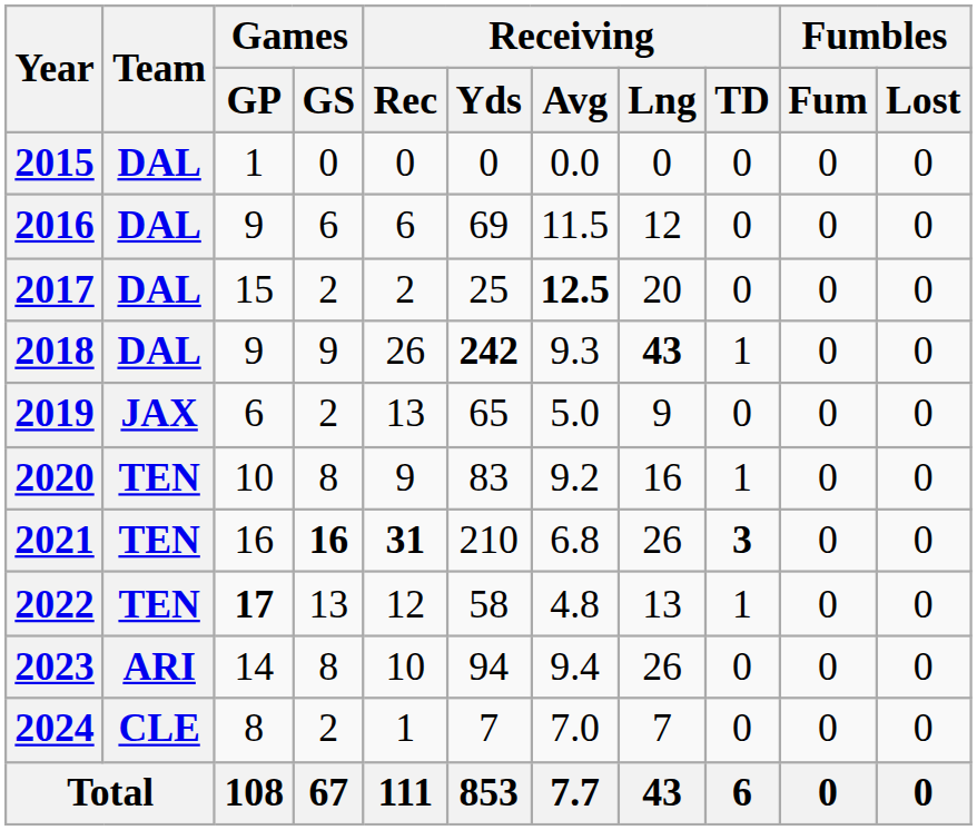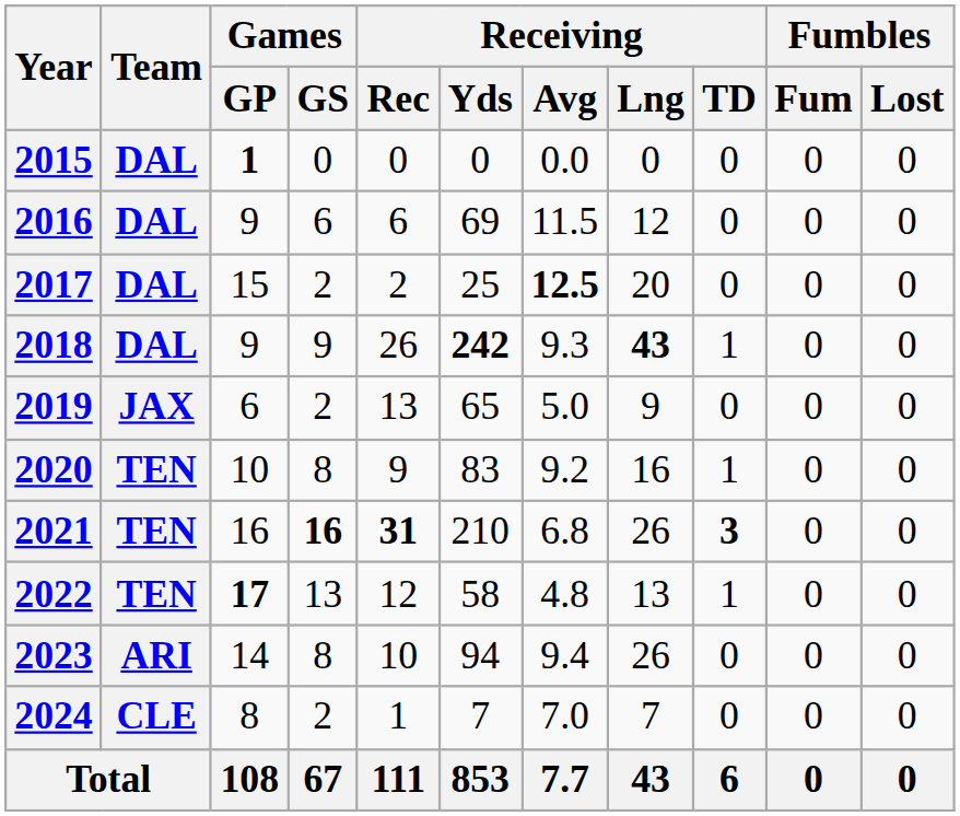 <table class="wikitable" style="text-align:center;">
 <tr>
 <th rowspan="2">Year</th>
 <th rowspan="2">Team</th>
 <th colspan="2">Games</th>
 <th colspan="5">Receiving</th>
 <th colspan="2">Fumbles</th>
 </tr>
 <tr>
 <th>GP</th>
 <th>GS</th>
 <th>Rec</th>
 <th>Yds</th>
 <th>Avg</th>
 <th>Lng</th>
 <th>TD</th>
 <th>Fum</th>
 <th>Lost</th>
 </tr>
 <tr>
 <th><a href='#'>2015</a></th>
 <th><a href='#'>DAL</a></th>
-<td>1</td>
+<td><strong>1</strong></td>
 <td>0</td>
 <td>0</td>
 <td>0</td>
 <td>0.0</td>
 <td>0</td>
 <td>0</td>
 <td>0</td>
 <td>0</td>
 </tr>
 <tr>
 <th><a href='#'>2016</a></th>
 <th><a href='#'>DAL</a></th>
 <td>9</td>
 <td>6</td>
 <td>6</td>
 <td>69</td>
 <td>11.5</td>
 <td>12</td>
 <td>0</td>
 <td>0</td>
 <td>0</td>
 </tr>
 <tr>
 <th><a href='#'>2017</a></th>
 <th><a href='#'>DAL</a></th>
 <td>15</td>
 <td>2</td>
 <td>2</td>
 <td>25</td>
 <td><strong>12.5</strong></td>
 <td>20</td>
 <td>0</td>
 <td>0</td>
 <td>0</td>
 </tr>
 <tr>
 <th><a href='#'>2018</a></th>
 <th><a href='#'>DAL</a></th>
 <td>9</td>
 <td>9</td>
 <td>26</td>
 <td><strong>242</strong></td>
 <td>9.3</td>
 <td><strong>43</strong></td>
 <td>1</td>
 <td>0</td>
 <td>0</td>
 </tr>
 <tr>
 <th><a href='#'>2019</a></th>
 <th><a href='#'>JAX</a></th>
 <td>6</td>
 <td>2</td>
 <td>13</td>
 <td>65</td>
 <td>5.0</td>
 <td>9</td>
 <td>0</td>
 <td>0</td>
 <td>0</td>
 </tr>
 <tr>
 <th><a href='#'>2020</a></th>
 <th><a href='#'>TEN</a></th>
 <td>10</td>
 <td>8</td>
 <td>9</td>
 <td>83</td>
 <td>9.2</td>
 <td>16</td>
 <td>1</td>
 <td>0</td>
 <td>0</td>
 </tr>
 <tr>
 <th><a href='#'>2021</a></th>
 <th><a href='#'>TEN</a></th>
 <td>16</td>
 <td><strong>16</strong></td>
 <td><strong>31</strong></td>
 <td>210</td>
 <td>6.8</td>
 <td>26</td>
 <td><strong>3</strong></td>
 <td>0</td>
 <td>0</td>
 </tr>
 <tr>
 <th><a href='#'>2022</a></th>
 <th><a href='#'>TEN</a></th>
 <td><strong>17</strong></td>
 <td>13</td>
 <td>12</td>
 <td>58</td>
 <td>4.8</td>
 <td>13</td>
 <td>1</td>
 <td>0</td>
 <td>0</td>
 </tr>
 <tr>
 <th><a href='#'>2023</a></th>
 <th><a href='#'>ARI</a></th>
 <td>14</td>
 <td>8</td>
 <td>10</td>
 <td>94</td>
 <td>9.4</td>
 <td>26</td>
 <td>0</td>
 <td>0</td>
 <td>0</td>
 </tr>
 <tr>
 <th><a href='#'>2024</a></th>
 <th><a href='#'>CLE</a></th>
 <td>8</td>
 <td>2</td>
 <td>1</td>
 <td>7</td>
 <td>7.0</td>
 <td>7</td>
 <td>0</td>
 <td>0</td>
 <td>0</td>
 </tr>
 <tr>
 <th colspan="2">Total</th>
 <th>108</th>
 <th>67</th>
 <th>111</th>
 <th>853</th>
 <th>7.7</th>
 <th>43</th>
 <th>6</th>
 <th>0</th>
 <th>0</th>
 </tr>
 </table>
